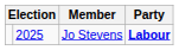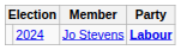 <table class="wikitable">
 <tr>
 <th colspan="2">Election</th>
 <th>Member</th>
 <th>Party</th>
 </tr>
 <tr>
 <td style="color:inherit;background-color: "></td>
-<td><a href='#'>2025</a></td>
+<td><a href='#'>2024</a></td>
 <td><a href='#'>Jo Stevens</a></td>
 <td><strong><a href='#'>Labour</a></strong></td>
 </tr>
 </table>
